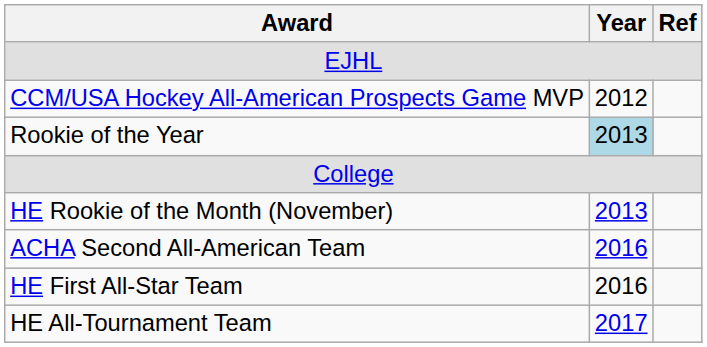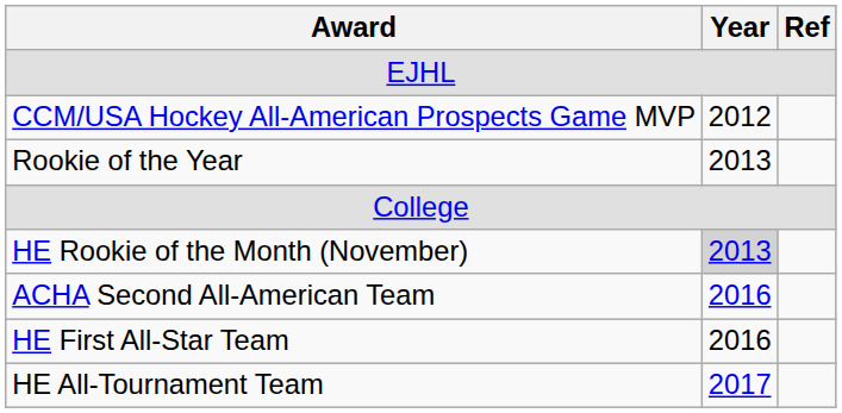 <table class="wikitable">
 <tr>
 <th>Award</th>
 <th>Year</th>
 <th>Ref</th>
 </tr>
 <tr ALIGN="center" bgcolor="#e0e0e0">
 <td colspan="3"><a href='#'>EJHL</a></td>
 </tr>
 <tr>
 <td><a href='#'>CCM/USA Hockey All-American Prospects Game</a> MVP</td>
 <td>2012</td>
 <td></td>
 </tr>
 <tr>
 <td>Rookie of the Year</td>
-<td style="background: lightblue;">2013</td>
+<td>2013</td>
 <td></td>
 </tr>
 <tr ALIGN="center" bgcolor="#e0e0e0">
 <td colspan="3"><a href='#'>College</a></td>
 </tr>
 <tr>
 <td><a href='#'>HE</a> Rookie of the Month (November)</td>
-<td><a href='#'>2013</a></td>
+<td style="background: lightgrey;"><a href='#'>2013</a></td>
 <td></td>
 </tr>
 <tr>
 <td><a href='#'>ACHA</a> Second All-American Team</td>
 <td><a href='#'>2016</a></td>
 <td></td>
 </tr>
 <tr>
 <td><a href='#'>HE</a> First All-Star Team</td>
 <td>2016</td>
 <td></td>
 </tr>
 <tr>
 <td>HE All-Tournament Team</td>
 <td><a href='#'>2017</a></td>
 <td></td>
 </tr>
 </table>
